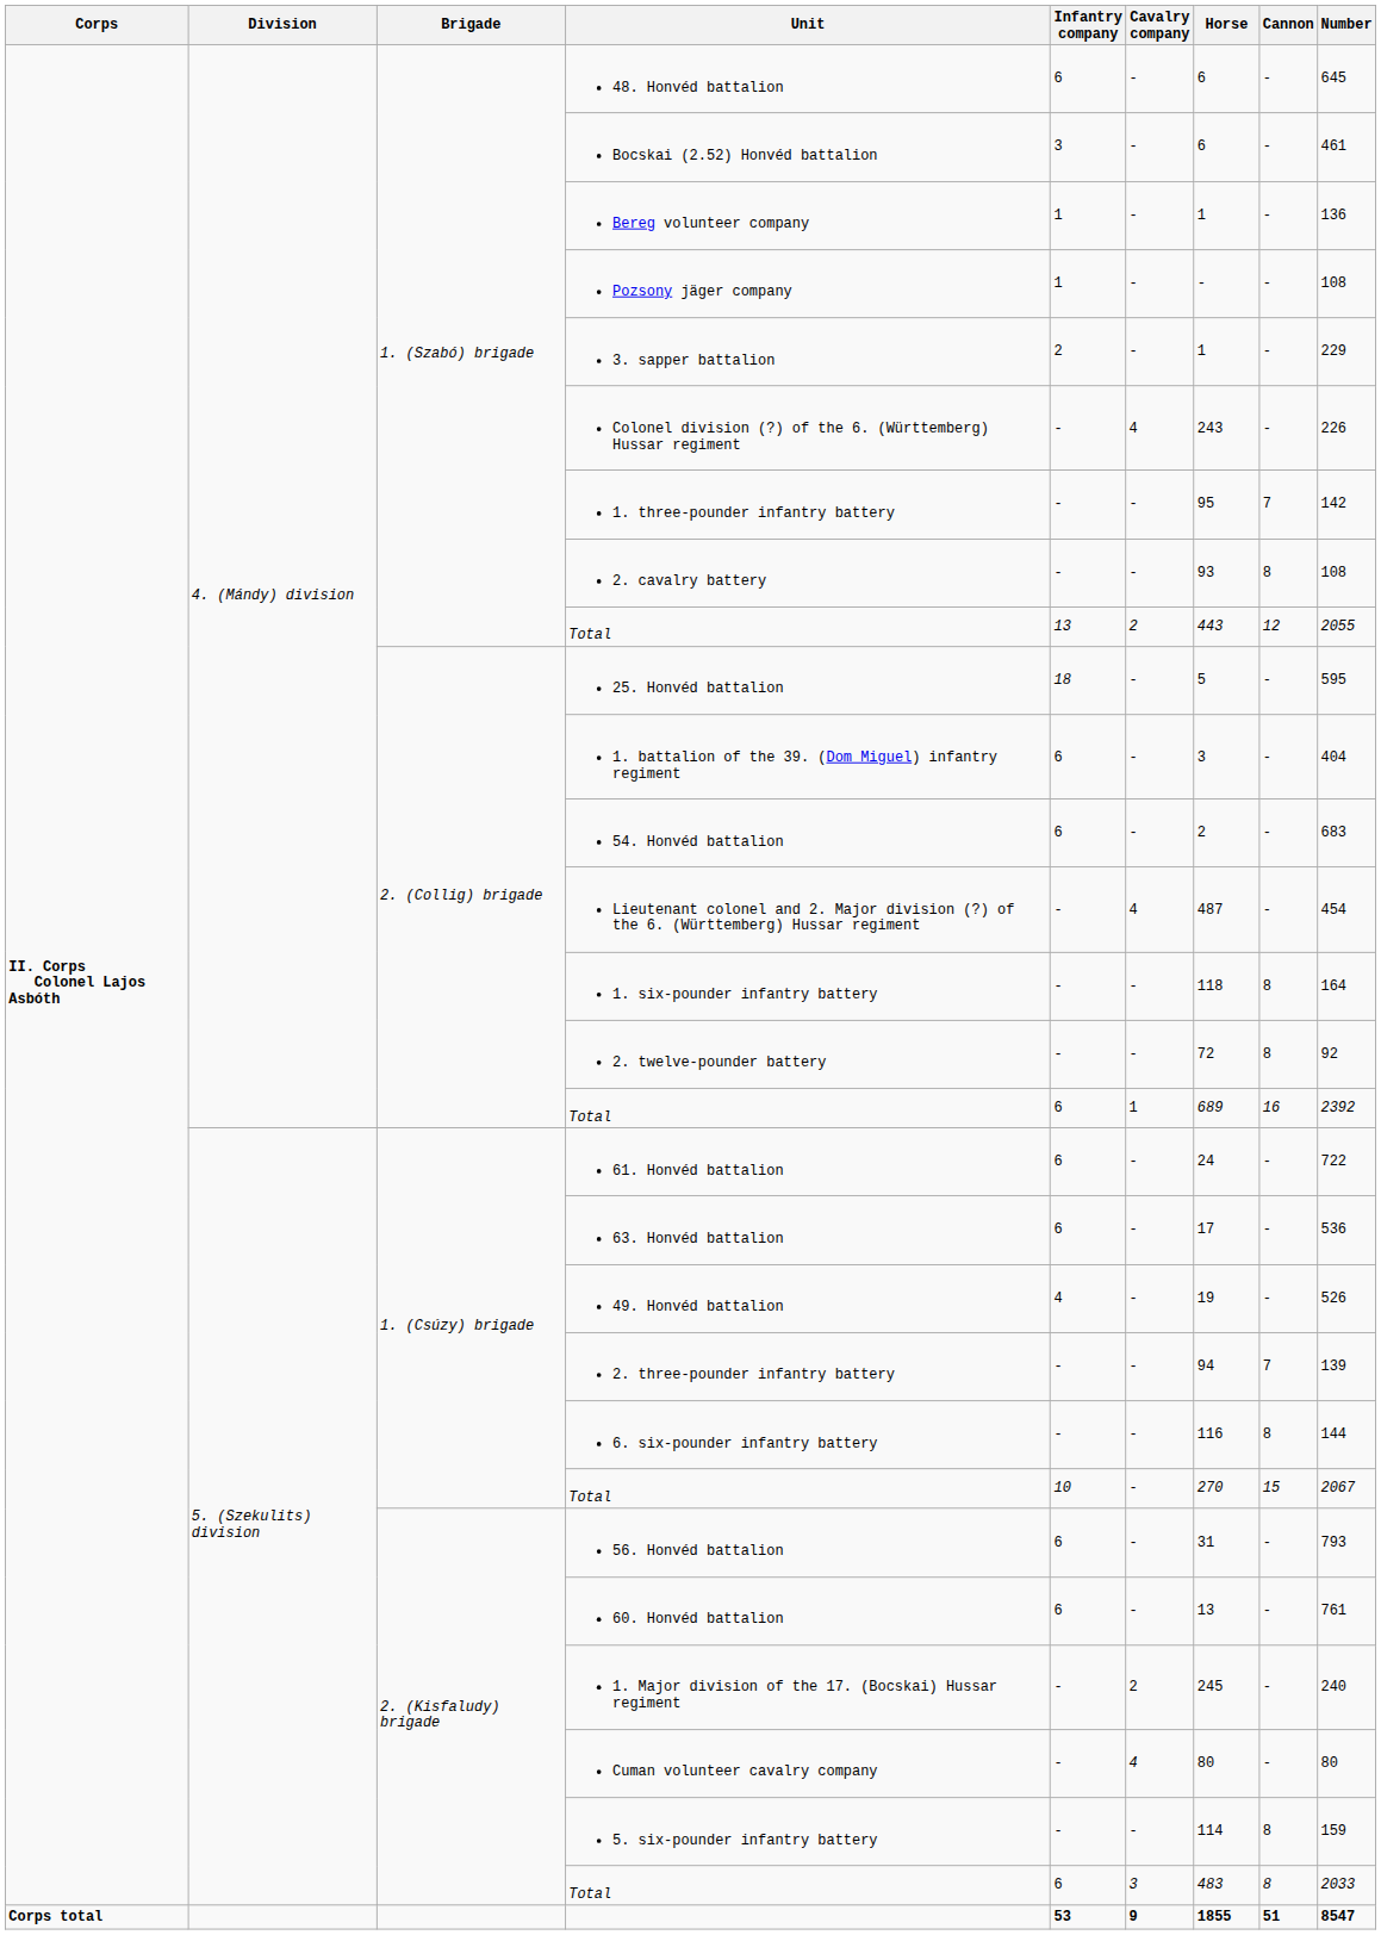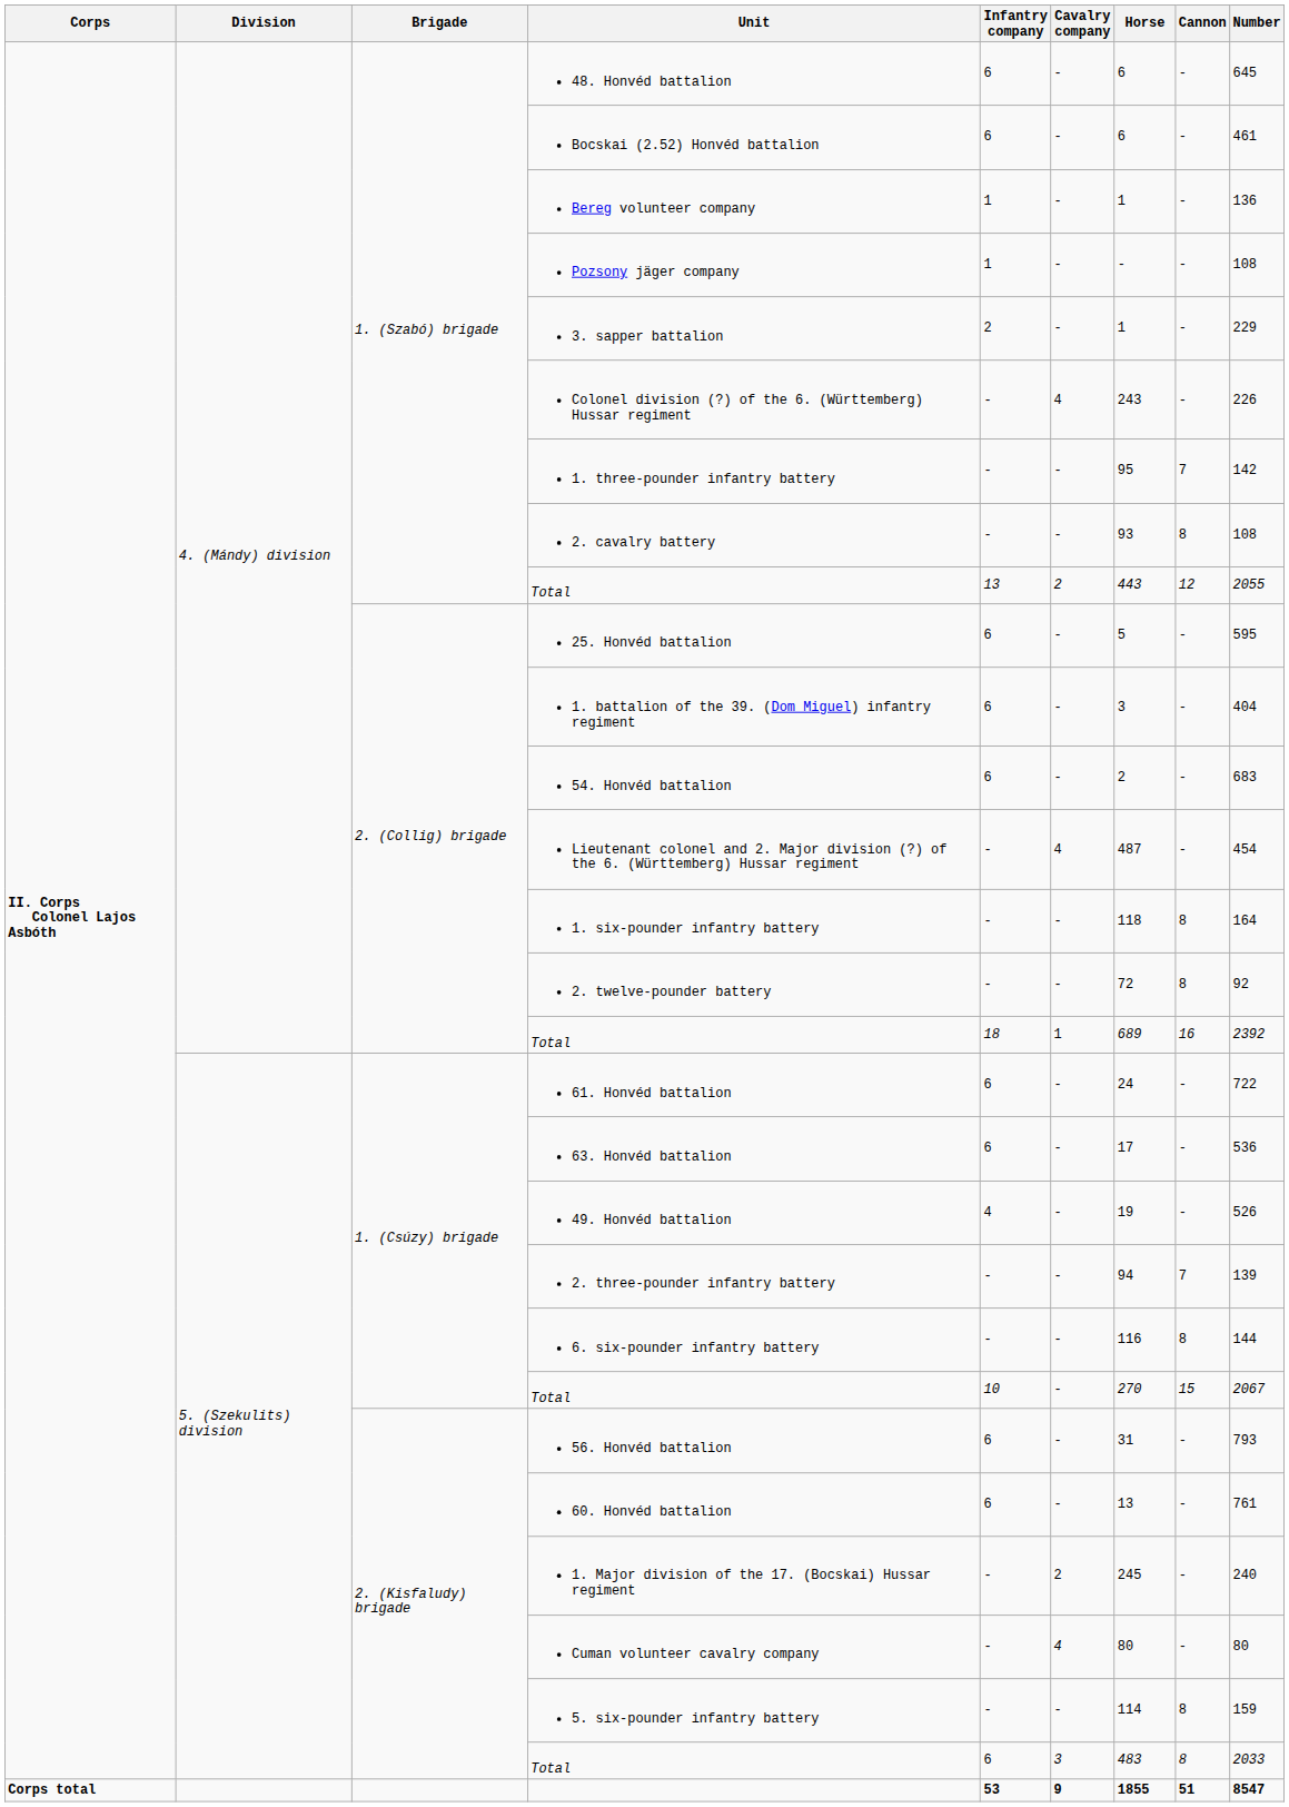 <table class="wikitable">
 <tr>
 <th width=15%>Corps</th>
 <th width=15%>Division</th>
 <th width=15%>Brigade</th>
 <th width=40%>Unit</th>
 <th width=5%>Infantry company</th>
 <th width=5%>Cavalry company</th>
 <th width=5%>Horse</th>
 <th width=5%>Cannon</th>
 <th width=5%>Number</th>
 </tr>
 <tr>
 <td rowspan="28"><br><strong>II. Corps</strong> <br>   <strong>Colonel Lajos Asbóth</strong></td>
 <td rowspan="16"><br><em>4. (Mándy) division</em></td>
 <td rowspan="9"><br><em>1. (Szabó) brigade</em></td>
 <td><br><ul><li>48. Honvéd battalion</li></ul></td>
 <td>6</td>
 <td>-</td>
 <td>6</td>
 <td>-</td>
 <td>645</td>
 </tr>
 <tr>
 <td><br><ul><li>Bocskai (2.52) Honvéd battalion</li></ul></td>
-<td>3</td>
+<td>6</td>
 <td>-</td>
 <td>6</td>
 <td>-</td>
 <td>461</td>
 </tr>
 <tr>
 <td><br><ul><li><a href='#'>Bereg</a> volunteer company</li></ul></td>
 <td>1</td>
 <td>-</td>
 <td>1</td>
 <td>-</td>
 <td>136</td>
 </tr>
 <tr>
 <td><br><ul><li><a href='#'>Pozsony</a> jäger company</li></ul></td>
 <td>1</td>
 <td>-</td>
 <td>-</td>
 <td>-</td>
 <td>108</td>
 </tr>
 <tr>
 <td><br><ul><li>3. sapper battalion</li></ul></td>
 <td>2</td>
 <td>-</td>
 <td>1</td>
 <td>-</td>
 <td>229</td>
 </tr>
 <tr>
 <td><br><ul><li>Colonel division (?) of the 6. (Württemberg) Hussar regiment</li></ul></td>
 <td>-</td>
 <td>4</td>
 <td>243</td>
 <td>-</td>
 <td>226</td>
 </tr>
 <tr>
 <td><br><ul><li>1. three-pounder infantry battery</li></ul></td>
 <td>-</td>
 <td>-</td>
 <td>95</td>
 <td>7</td>
 <td>142</td>
 </tr>
 <tr>
 <td><br><ul><li>2. cavalry battery</li></ul></td>
 <td>-</td>
 <td>-</td>
 <td>93</td>
 <td>8</td>
 <td>108</td>
 </tr>
 <tr>
 <td><br><em>Total</em></td>
 <td><em>13</em></td>
 <td><em>2</em></td>
 <td><em>443</em></td>
 <td><em>12</em></td>
 <td><em>2055</em></td>
 </tr>
 <tr>
 <td rowspan="7"><br><em>2. (Collig) brigade</em></td>
 <td><br><ul><li>25. Honvéd battalion</li></ul></td>
-<td><em>18</em></td>
+<td>6</td>
 <td>-</td>
 <td>5</td>
 <td>-</td>
 <td>595</td>
 </tr>
 <tr>
 <td><br><ul><li>1. battalion of the 39. (<a href='#'>Dom Miguel</a>) infantry regiment</li></ul></td>
 <td>6</td>
 <td>-</td>
 <td>3</td>
 <td>-</td>
 <td>404</td>
 </tr>
 <tr>
 <td><br><ul><li>54. Honvéd battalion</li></ul></td>
 <td>6</td>
 <td>-</td>
 <td>2</td>
 <td>-</td>
 <td>683</td>
 </tr>
 <tr>
 <td><br><ul><li>Lieutenant colonel and 2. Major division (?) of the 6. (Württemberg) Hussar regiment</li></ul></td>
 <td>-</td>
 <td>4</td>
 <td>487</td>
 <td>-</td>
 <td>454</td>
 </tr>
 <tr>
 <td><br><ul><li>1. six-pounder infantry battery</li></ul></td>
 <td>-</td>
 <td>-</td>
 <td>118</td>
 <td>8</td>
 <td>164</td>
 </tr>
 <tr>
 <td><br><ul><li>2. twelve-pounder battery</li></ul></td>
 <td>-</td>
 <td>-</td>
 <td>72</td>
 <td>8</td>
 <td>92</td>
 </tr>
 <tr>
 <td><br><em>Total</em></td>
-<td>6</td>
+<td><em>18</em></td>
 <td>1</td>
 <td><em>689</em></td>
 <td><em>16</em></td>
 <td><em>2392</em></td>
 </tr>
 <tr>
 <td rowspan="12"><br><em>5. (Szekulits) division</em></td>
 <td rowspan="6"><br><em>1. (Csúzy) brigade</em></td>
 <td><br><ul><li>61. Honvéd battalion</li></ul></td>
 <td>6</td>
 <td>-</td>
 <td>24</td>
 <td>-</td>
 <td>722</td>
 </tr>
 <tr>
 <td><br><ul><li>63. Honvéd battalion</li></ul></td>
 <td>6</td>
 <td>-</td>
 <td>17</td>
 <td>-</td>
 <td>536</td>
 </tr>
 <tr>
 <td><br><ul><li>49. Honvéd battalion</li></ul></td>
 <td>4</td>
 <td>-</td>
 <td>19</td>
 <td>-</td>
 <td>526</td>
 </tr>
 <tr>
 <td><br><ul><li>2. three-pounder infantry battery</li></ul></td>
 <td>-</td>
 <td>-</td>
 <td>94</td>
 <td>7</td>
 <td>139</td>
 </tr>
 <tr>
 <td><br><ul><li>6. six-pounder infantry battery</li></ul></td>
 <td>-</td>
 <td>-</td>
 <td>116</td>
 <td>8</td>
 <td>144</td>
 </tr>
 <tr>
 <td><br><em>Total</em></td>
 <td><em>10</em></td>
 <td>-</td>
 <td><em>270</em></td>
 <td><em>15</em></td>
 <td><em>2067</em></td>
 </tr>
 <tr>
 <td rowspan="6"><br><em>2. (Kisfaludy) brigade</em></td>
 <td><br><ul><li>56. Honvéd battalion</li></ul></td>
 <td>6</td>
 <td>-</td>
 <td>31</td>
 <td>-</td>
 <td>793</td>
 </tr>
 <tr>
 <td><br><ul><li>60. Honvéd battalion</li></ul></td>
 <td>6</td>
 <td>-</td>
 <td>13</td>
 <td>-</td>
 <td>761</td>
 </tr>
 <tr>
 <td><br><ul><li>1. Major division of the 17. (Bocskai) Hussar regiment</li></ul></td>
 <td>-</td>
 <td>2</td>
 <td>245</td>
 <td>-</td>
 <td>240</td>
 </tr>
 <tr>
 <td><br><ul><li>Cuman volunteer cavalry company</li></ul></td>
 <td>-</td>
 <td><em>4</em></td>
 <td>80</td>
 <td>-</td>
 <td>80</td>
 </tr>
 <tr>
 <td><br><ul><li>5. six-pounder infantry battery</li></ul></td>
 <td>-</td>
 <td>-</td>
 <td>114</td>
 <td>8</td>
 <td>159</td>
 </tr>
 <tr>
 <td><br><em>Total</em></td>
 <td>6</td>
 <td><em>3</em></td>
 <td><em>483</em></td>
 <td><em>8</em></td>
 <td><em>2033</em></td>
 </tr>
 <tr>
 <td><strong>Corps total</strong></td>
 <td></td>
 <td></td>
 <td></td>
 <td><strong>53</strong></td>
 <td><strong>9</strong></td>
 <td><strong>1855</strong></td>
 <td><strong>51</strong></td>
 <td><strong>8547</strong><br></td>
 </tr>
 </table>
